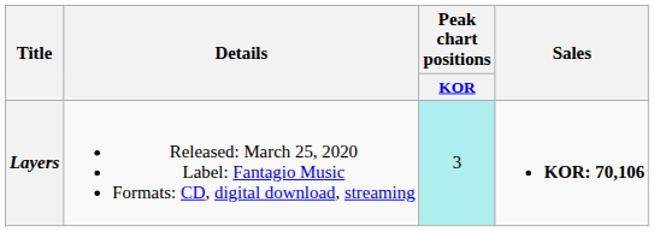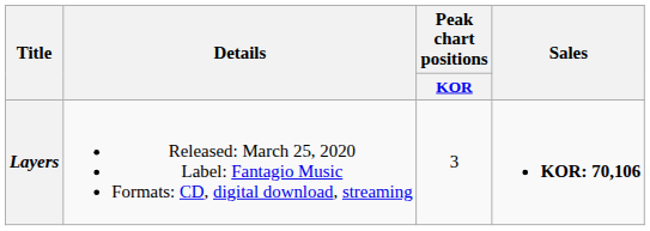 <table class="wikitable plainrowheaders" style="text-align:center;">
 <tr>
 <th scope="col" rowspan="2">Title</th>
 <th scope="col" rowspan="2">Details</th>
 <th scope="col" colspan="1">Peak chart positions</th>
 <th scope="col" rowspan="2">Sales</th>
 </tr>
 <tr>
 <th scope="col" style="width:3em;font-size:90%;"><a href='#'>KOR</a><br></th>
 </tr>
 <tr>
 <th scope="row"><em>Layers</em></th>
 <td><br><ul><li>Released: March 25, 2020</li><li>Label: <a href='#'>Fantagio Music</a></li><li>Formats: <a href='#'>CD</a>, <a href='#'>digital download</a>, <a href='#'>streaming</a></li></ul></td>
-<td style="background: paleturquoise;">3</td>
+<td>3</td>
 <td><strong><br><ul><li>KOR: 70,106</li></ul></strong></td>
 </tr>
 </table>
